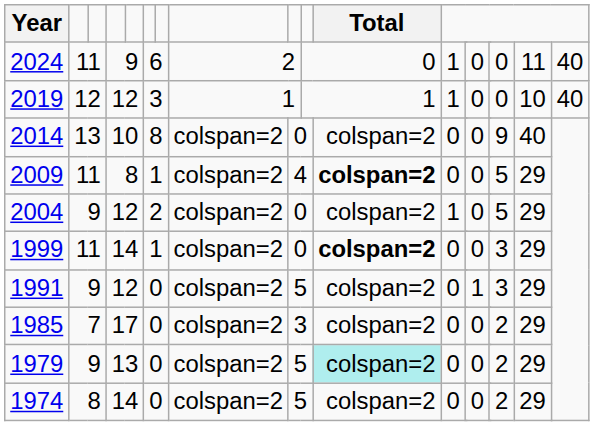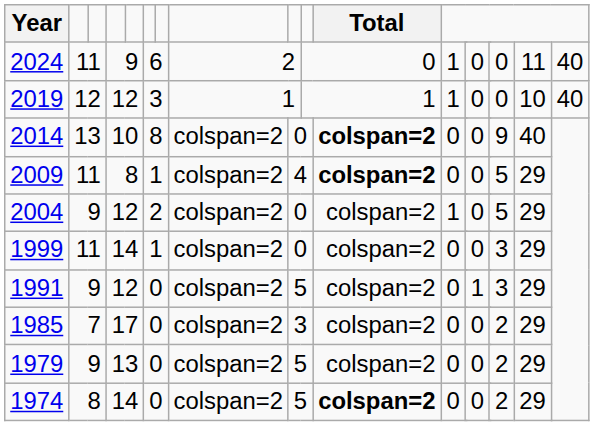 <table class="wikitable" style="text-align:right; padding-left:1em">
 <tr>
 <th align="left">Year</th>
 <td></td>
 <td></td>
 <td></td>
 <td></td>
 <td></td>
 <td></td>
 <td></td>
 <td></td>
 <td></td>
 <th align="left">Total</th>
 </tr>
 <tr>
 <td align=left><a href='#'>2024</a></td>
 <td colspan=2>11</td>
 <td colspan=2>9</td>
 <td colspan=2>6</td>
 <td colspan=2>2</td>
 <td colspan=2>0</td>
 <td colspan=2>1</td>
 <td colspan=2>0</td>
 <td colspan=2>0</td>
 <td colspan=2>11</td>
 <td>40</td>
 </tr>
 <tr>
 <td align=left><a href='#'>2019</a></td>
 <td colspan=2>12</td>
 <td colspan=2>12</td>
 <td colspan=2>3</td>
 <td colspan=2>1</td>
 <td colspan=2>1</td>
 <td colspan=2>1</td>
 <td colspan=2>0</td>
 <td colspan=2>0</td>
 <td colspan=2>10</td>
 <td>40</td>
 </tr>
 <tr>
 <td align=left><a href='#'>2014</a></td>
 <td colspan=2>13</td>
 <td colspan=2>10</td>
 <td colspan=2>8</td>
 <td>colspan=2 </td>
 <td colspan=2>0</td>
-<td>colspan=2 </td>
+<td><strong>colspan=2 </strong></td>
 <td colspan=2>0</td>
 <td colspan=2>0</td>
 <td colspan=2>9</td>
 <td>40</td>
 </tr>
 <tr>
 <td align=left><a href='#'>2009</a></td>
 <td colspan=2>11</td>
 <td colspan=2>8</td>
 <td colspan=2>1</td>
 <td>colspan=2 </td>
 <td colspan=2>4</td>
 <td><strong>colspan=2 </strong></td>
 <td colspan=2>0</td>
 <td colspan=2>0</td>
 <td colspan=2>5</td>
 <td>29</td>
 </tr>
 <tr>
 <td align=left><a href='#'>2004</a></td>
 <td colspan=2>9</td>
 <td colspan=2>12</td>
 <td colspan=2>2</td>
 <td>colspan=2 </td>
 <td colspan=2>0</td>
 <td>colspan=2 </td>
 <td colspan=2>1</td>
 <td colspan=2>0</td>
 <td colspan=2>5</td>
 <td>29</td>
 </tr>
 <tr>
 <td align=left><a href='#'>1999</a></td>
 <td colspan=2>11</td>
 <td colspan=2>14</td>
 <td colspan=2>1</td>
 <td>colspan=2 </td>
 <td colspan=2>0</td>
-<td><strong>colspan=2 </strong></td>
+<td>colspan=2 </td>
 <td colspan=2>0</td>
 <td colspan=2>0</td>
 <td colspan=2>3</td>
 <td>29</td>
 </tr>
 <tr>
 <td align=left><a href='#'>1991</a></td>
 <td colspan=2>9</td>
 <td colspan=2>12</td>
 <td colspan=2>0</td>
 <td>colspan=2 </td>
 <td colspan=2>5</td>
 <td>colspan=2 </td>
 <td colspan=2>0</td>
 <td colspan=2>1</td>
 <td colspan=2>3</td>
 <td>29</td>
 </tr>
 <tr>
 <td align=left><a href='#'>1985</a></td>
 <td colspan=2>7</td>
 <td colspan=2>17</td>
 <td colspan=2>0</td>
 <td>colspan=2 </td>
 <td colspan=2>3</td>
 <td>colspan=2 </td>
 <td colspan=2>0</td>
 <td colspan=2>0</td>
 <td colspan=2>2</td>
 <td>29</td>
 </tr>
 <tr>
 <td align=left><a href='#'>1979</a></td>
 <td colspan=2>9</td>
 <td colspan=2>13</td>
 <td colspan=2>0</td>
 <td>colspan=2 </td>
 <td colspan=2>5</td>
-<td style="background: paleturquoise;">colspan=2 </td>
+<td>colspan=2 </td>
 <td colspan=2>0</td>
 <td colspan=2>0</td>
 <td colspan=2>2</td>
 <td>29</td>
 </tr>
 <tr>
 <td align=left><a href='#'>1974</a></td>
 <td colspan=2>8</td>
 <td colspan=2>14</td>
 <td colspan=2>0</td>
 <td>colspan=2 </td>
 <td colspan=2>5</td>
-<td>colspan=2 </td>
+<td><strong>colspan=2 </strong></td>
 <td colspan=2>0</td>
 <td colspan=2>0</td>
 <td colspan=2>2</td>
 <td>29</td>
 </tr>
 </table>
